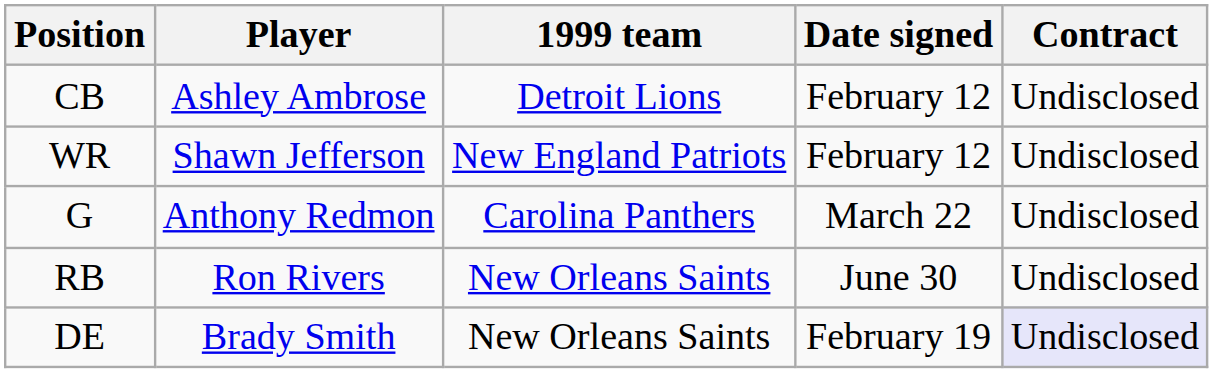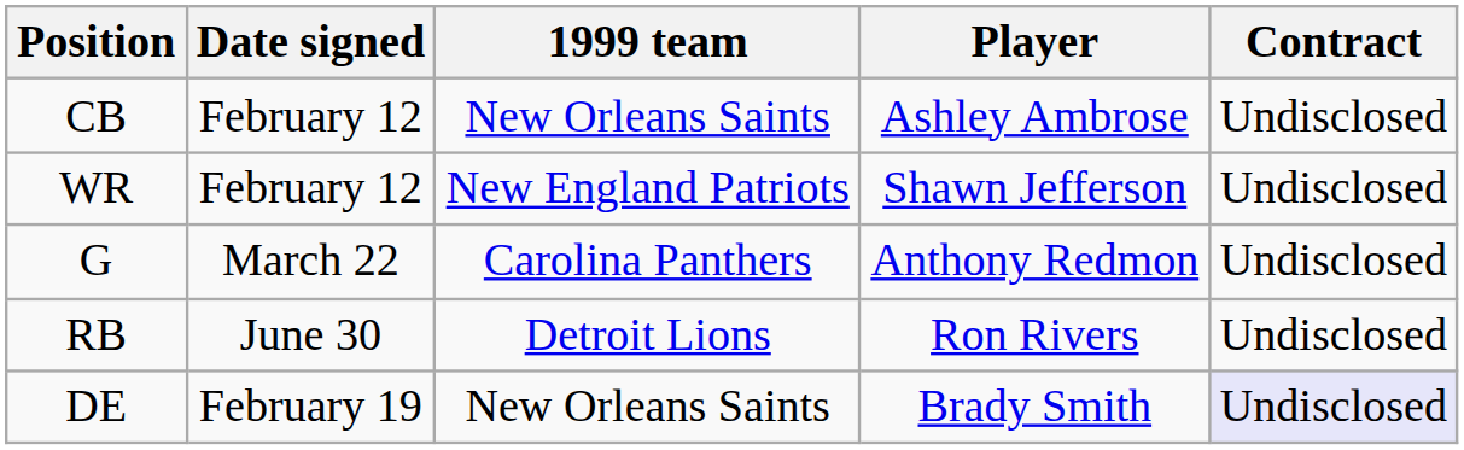 <table class="wikitable" style="text-align:center">
 <tr>
 <th>Position</th>
+<th>Date signed</th>
+<th>1999 team</th>
 <th>Player</th>
-<th>1999 team</th>
-<th>Date signed</th>
 <th>Contract</th>
 </tr>
 <tr>
 <td>CB</td>
+<td>February 12</td>
+<td><a href='#'>New Orleans Saints</a></td>
 <td><a href='#'>Ashley Ambrose</a></td>
-<td><a href='#'>Detroit Lions</a></td>
-<td>February 12</td>
 <td>Undisclosed</td>
 </tr>
 <tr>
 <td>WR</td>
+<td>February 12</td>
+<td><a href='#'>New England Patriots</a></td>
 <td><a href='#'>Shawn Jefferson</a></td>
-<td><a href='#'>New England Patriots</a></td>
-<td>February 12</td>
 <td>Undisclosed</td>
 </tr>
 <tr>
 <td>G</td>
+<td>March 22</td>
+<td><a href='#'>Carolina Panthers</a></td>
 <td><a href='#'>Anthony Redmon</a></td>
-<td><a href='#'>Carolina Panthers</a></td>
-<td>March 22</td>
 <td>Undisclosed</td>
 </tr>
 <tr>
 <td>RB</td>
+<td>June 30</td>
+<td><a href='#'>Detroit Lions</a></td>
 <td><a href='#'>Ron Rivers</a></td>
-<td><a href='#'>New Orleans Saints</a></td>
-<td>June 30</td>
 <td>Undisclosed</td>
 </tr>
 <tr>
 <td>DE</td>
+<td>February 19</td>
+<td>New Orleans Saints</td>
 <td><a href='#'>Brady Smith</a></td>
-<td>New Orleans Saints</td>
-<td>February 19</td>
 <td style="background: lavender;">Undisclosed</td>
 </tr>
 </table>
